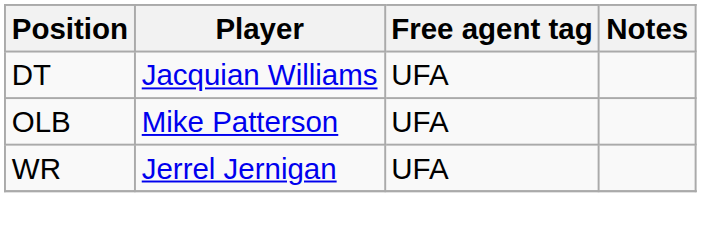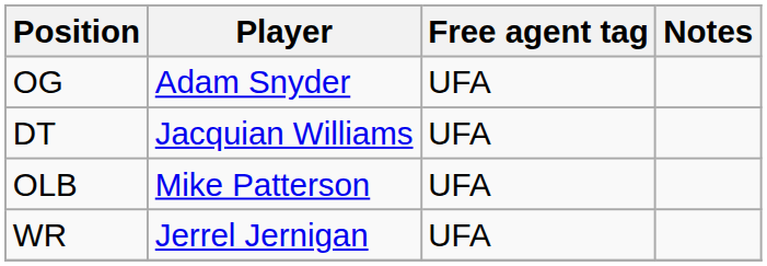 <table class="wikitable sortable" style="font-size: 95%;">
 <tr>
 <th>Position</th>
 <th>Player</th>
 <th>Free agent tag</th>
 <th>Notes</th>
+</tr>
+<tr>
+<td>OG</td>
+<td><a href='#'>Adam Snyder</a></td>
+<td>UFA</td>
+<td></td>
 </tr>
 <tr>
 <td>DT</td>
 <td><a href='#'>Jacquian Williams</a></td>
 <td>UFA</td>
 <td></td>
 </tr>
 <tr>
 <td>OLB</td>
 <td><a href='#'>Mike Patterson</a></td>
 <td>UFA</td>
 <td></td>
 </tr>
 <tr>
 <td>WR</td>
 <td><a href='#'>Jerrel Jernigan</a></td>
 <td>UFA</td>
 <td></td>
 </tr>
 <tr>
 </tr>
 </table>
